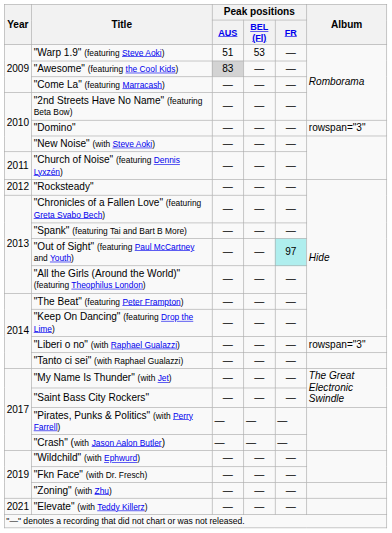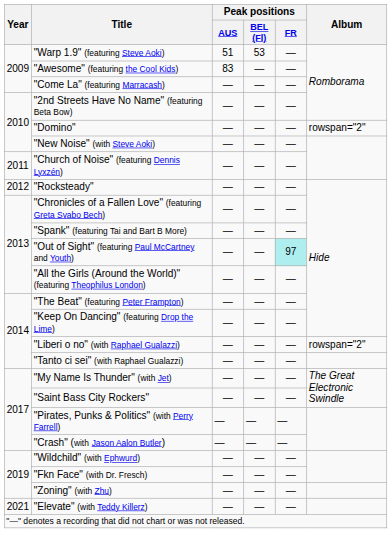 <table class="wikitable plainrowheaders">
 <tr>
 <th scope="col" rowspan="2">Year</th>
 <th scope="col" rowspan="2">Title</th>
 <th align="center" colspan="3" width="30">Peak positions</th>
 <th align="center" rowspan="2" width="120">Album</th>
 </tr>
 <tr>
 <th scope="col" style="width:3em;font-size:90%;"><a href='#'>AUS</a><br></th>
 <th scope="col" style="width:3em;font-size:90%;"><a href='#'>BEL <br>(Fl)</a><br></th>
 <th scope="col" style="width:3em;font-size:90%;"><a href='#'>FR</a><br></th>
 </tr>
 <tr>
 <td style="text-align:center;" rowspan=3>2009</td>
 <td>"Warp 1.9" <small>(featuring <a href='#'>Steve Aoki</a>)</small></td>
 <td style="text-align:center;">51</td>
 <td style="text-align:center;">53</td>
 <td style="text-align:center;">—</td>
 <td rowspan=4><em>Romborama</em></td>
 </tr>
 <tr>
 <td>"Awesome" <small>(featuring <a href='#'>the Cool Kids</a>)</small></td>
-<td style="background: lightgrey; text-align:center;">83</td>
+<td style="text-align:center;">83</td>
 <td style="text-align:center;">—</td>
 <td style="text-align:center;">—</td>
 </tr>
 <tr>
 <td>"Come La" <small>(featuring <a href='#'>Marracash</a>)</small></td>
 <td style="text-align:center;">—</td>
 <td style="text-align:center;">—</td>
 <td style="text-align:center;">—</td>
 </tr>
 <tr>
 <td style="text-align:center;" rowspan="3">2010</td>
 <td>"2nd Streets Have No Name" <small>(featuring Beta Bow)</small></td>
 <td style="text-align:center;">—</td>
 <td style="text-align:center;">—</td>
 <td style="text-align:center;">—</td>
 </tr>
 <tr>
 <td>"Domino"</td>
 <td style="text-align:center;">—</td>
 <td style="text-align:center;">—</td>
 <td style="text-align:center;">—</td>
-<td>rowspan="3" </td>
+<td>rowspan="2" </td>
 </tr>
 <tr>
 <td>"New Noise" <small>(with <a href='#'>Steve Aoki</a>)</small></td>
 <td style="text-align:center;">—</td>
 <td style="text-align:center;">—</td>
 <td style="text-align:center;">—</td>
 </tr>
 <tr>
 <td style="text-align:center;">2011</td>
 <td>"Church of Noise" <small>(featuring <a href='#'>Dennis Lyxzén</a>)</small></td>
 <td style="text-align:center;">—</td>
 <td style="text-align:center;">—</td>
 <td style="text-align:center;">—</td>
 </tr>
 <tr>
 <td style="text-align:center;">2012</td>
 <td>"Rocksteady"</td>
 <td style="text-align:center;">—</td>
 <td style="text-align:center;">—</td>
 <td style="text-align:center;">—</td>
 <td rowspan=7><em>Hide</em></td>
 </tr>
 <tr>
 <td style="text-align:center;" rowspan="4">2013</td>
 <td>"Chronicles of a Fallen Love" <small>(featuring <a href='#'>Greta Svabo Bech</a>)</small></td>
 <td style="text-align:center;">—</td>
 <td style="text-align:center;">—</td>
 <td style="text-align:center;">—</td>
 </tr>
 <tr>
 <td>"Spank" <small>(featuring Tai and Bart B More)</small></td>
 <td style="text-align:center;">—</td>
 <td style="text-align:center;">—</td>
 <td style="text-align:center;">—</td>
 </tr>
 <tr>
 <td>"Out of Sight" <small>(featuring <a href='#'>Paul McCartney</a> and <a href='#'>Youth</a>)</small></td>
 <td style="text-align:center;">—</td>
 <td style="text-align:center;">—</td>
 <td style="background: paleturquoise; text-align:center;">97</td>
 </tr>
 <tr>
 <td>"All the Girls (Around the World)" <small>(featuring <a href='#'>Theophilus London</a>)</small></td>
 <td style="text-align:center;">—</td>
 <td style="text-align:center;">—</td>
 <td style="text-align:center;">—</td>
 </tr>
 <tr>
 <td style="text-align:center;" rowspan="4">2014</td>
 <td>"The Beat" <small>(featuring <a href='#'>Peter Frampton</a>)</small></td>
 <td style="text-align:center;">—</td>
 <td style="text-align:center;">—</td>
 <td style="text-align:center;">—</td>
 </tr>
 <tr>
 <td>"Keep On Dancing" <small>(featuring <a href='#'>Drop the Lime</a>)</small></td>
 <td style="text-align:center;">—</td>
 <td style="text-align:center;">—</td>
 <td style="text-align:center;">—</td>
 </tr>
 <tr>
 <td>"Liberi o no" <small>(with <a href='#'>Raphael Gualazzi</a>)</small></td>
 <td style="text-align:center;">—</td>
 <td style="text-align:center;">—</td>
 <td style="text-align:center;">—</td>
-<td>rowspan="3" </td>
+<td>rowspan="2" </td>
 </tr>
 <tr>
 <td>"Tanto ci sei" <small>(with Raphael Gualazzi)</small></td>
 <td style="text-align:center;">—</td>
 <td style="text-align:center;">—</td>
 <td style="text-align:center;">—</td>
 </tr>
 <tr>
 <td rowspan="4" style="text-align:center;">2017</td>
 <td>"My Name Is Thunder" <small>(with <a href='#'>Jet</a>)</small></td>
 <td style="text-align:center;">—</td>
 <td style="text-align:center;">—</td>
 <td style="text-align:center;">—</td>
 <td rowspan="2"><em>The Great Electronic Swindle</em></td>
 </tr>
 <tr>
 <td>"Saint Bass City Rockers"</td>
 <td style="text-align:center;">—</td>
 <td style="text-align:center;">—</td>
 <td style="text-align:center;">—</td>
 </tr>
 <tr>
 <td>"Pirates, Punks & Politics" <small>(with <a href='#'>Perry Farrell</a>)</small></td>
 <td>—</td>
 <td>—</td>
 <td>—</td>
 <td rowspan="2"></td>
 </tr>
 <tr>
 <td>"Crash" (<small>with</small>  <small><a href='#'>Jason Aalon Butler</a></small>)</td>
 <td>—</td>
 <td>—</td>
 <td>—</td>
 </tr>
 <tr>
 <td rowspan="3" style="text-align:center;">2019</td>
 <td>"Wildchild" <small>(with <a href='#'>Ephwurd</a>)</small></td>
 <td style="text-align:center;">—</td>
 <td style="text-align:center;">—</td>
 <td style="text-align:center;">—</td>
 <td rowspan="2"></td>
 </tr>
 <tr>
 <td>"Fkn Face" <small>(with Dr. Fresch)</small></td>
 <td style="text-align:center;">—</td>
 <td style="text-align:center;">—</td>
 <td style="text-align:center;">—</td>
 </tr>
 <tr>
 <td>"Zoning" <small>(with <a href='#'>Zhu</a>)</small></td>
 <td style="text-align:center;">—</td>
 <td style="text-align:center;">—</td>
 <td style="text-align:center;">—</td>
 <td></td>
 </tr>
 <tr>
 <td style="text-align:center;">2021</td>
 <td>"Elevate" <small>(with <a href='#'>Teddy Killerz</a>)</small></td>
 <td style="text-align:center;">—</td>
 <td style="text-align:center;">—</td>
 <td style="text-align:center;">—</td>
 <td></td>
 </tr>
 <tr>
 <td colspan="6" style="font-size:85%">"—" denotes a recording that did not chart or was not released.</td>
 </tr>
 </table>
